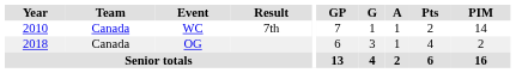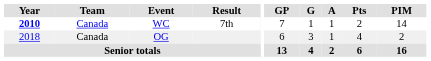 <table border="0" cellpadding="1" cellspacing="0" ID="Table3" style="text-align:center; width:40em">
 <tr ALIGN="center" bgcolor="#e0e0e0">
 <th>Year</th>
 <th>Team</th>
 <th>Event</th>
 <th>Result</th>
 <th rowspan="99" bgcolor="#ffffff"></th>
 <th>GP</th>
 <th>G</th>
 <th>A</th>
 <th>Pts</th>
 <th>PIM</th>
 </tr>
 <tr>
-<td><a href='#'>2010</a></td>
+<td><strong><a href='#'>2010</a></strong></td>
 <td><a href='#'>Canada</a></td>
 <td><a href='#'>WC</a></td>
 <td>7th</td>
 <td>7</td>
 <td>1</td>
 <td>1</td>
 <td>2</td>
 <td>14</td>
 </tr>
 <tr bgcolor="#f0f0f0">
 <td><a href='#'>2018</a></td>
 <td>Canada</td>
 <td><a href='#'>OG</a></td>
 <td></td>
 <td>6</td>
 <td>3</td>
 <td>1</td>
 <td>4</td>
 <td>2</td>
 </tr>
 <tr bgcolor="#e0e0e0">
 <th colspan=4>Senior totals</th>
 <th>13</th>
 <th>4</th>
 <th>2</th>
 <th>6</th>
 <th>16</th>
 </tr>
 </table>
